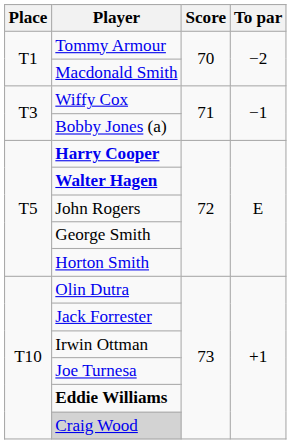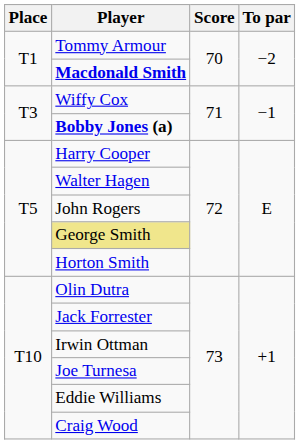 <table class=wikitable>
 <tr>
 <th>Place</th>
 <th>Player</th>
 <th>Score</th>
 <th>To par</th>
 </tr>
 <tr>
 <td rowspan=2 align=center>T1</td>
 <td> <a href='#'>Tommy Armour</a></td>
 <td rowspan=2 align=center>70</td>
 <td rowspan=2 align=center>−2</td>
 </tr>
 <tr>
-<td> <a href='#'>Macdonald Smith</a></td>
+<td><strong> <a href='#'>Macdonald Smith</a></strong></td>
 </tr>
 <tr>
 <td rowspan=2 align=center>T3</td>
 <td> <a href='#'>Wiffy Cox</a></td>
 <td rowspan=2 align=center>71</td>
 <td rowspan=2 align=center>−1</td>
 </tr>
 <tr>
-<td> <a href='#'>Bobby Jones</a> (a)</td>
+<td><strong> <a href='#'>Bobby Jones</a> (a)</strong></td>
 </tr>
 <tr>
 <td rowspan=5 align=center>T5</td>
-<td><strong> <a href='#'>Harry Cooper</a></strong></td>
+<td> <a href='#'>Harry Cooper</a></td>
 <td rowspan=5 align=center>72</td>
 <td rowspan=5 align=center>E</td>
 </tr>
 <tr>
-<td><strong> <a href='#'>Walter Hagen</a></strong></td>
+<td> <a href='#'>Walter Hagen</a></td>
 </tr>
 <tr>
 <td> John Rogers</td>
 </tr>
 <tr>
-<td> George Smith</td>
+<td style="background: khaki;"> George Smith</td>
 </tr>
 <tr>
 <td> <a href='#'>Horton Smith</a></td>
 </tr>
 <tr>
 <td rowspan=6 align=center>T10</td>
 <td> <a href='#'>Olin Dutra</a></td>
 <td rowspan=6 align=center>73</td>
 <td rowspan=6 align=center>+1</td>
 </tr>
 <tr>
 <td> <a href='#'>Jack Forrester</a></td>
 </tr>
 <tr>
 <td> Irwin Ottman</td>
 </tr>
 <tr>
 <td> <a href='#'>Joe Turnesa</a></td>
 </tr>
 <tr>
-<td><strong> Eddie Williams</strong></td>
+<td> Eddie Williams</td>
 </tr>
 <tr>
-<td style="background: lightgrey;"> <a href='#'>Craig Wood</a></td>
+<td> <a href='#'>Craig Wood</a></td>
 </tr>
 </table>
